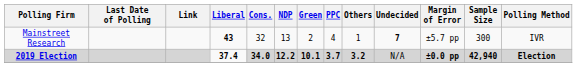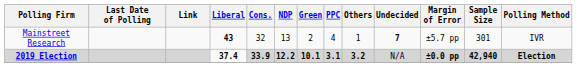 <table class="wikitable sortable" style="text-align:center;font-size:90%;line-height:14px;">
 <tr style="background:#e9e9e9;">
 <th style="width:120px">Polling Firm</th>
 <th style="width:110px">Last Date<br>of Polling</th>
 <th style="width:60px" class="unsortable">Link</th>
 <th style="background-color:"><a href='#'>Liberal</a></th>
 <th style="background-color:"><a href='#'>Cons.</a></th>
 <th style="background-color:"><a href='#'>NDP</a></th>
 <th style="background-color:"><a href='#'>Green</a></th>
 <th style="background-color:"><a href='#'><span>PPC</span></a></th>
 <th style="background-color:">Others</th>
 <th style="background-color:">Undecided</th>
 <th style="width:60px;" class=unsortable>Margin<br>of Error</th>
 <th style="width:50px;" class=unsortable>Sample<br>Size</th>
 <th class=unsortable>Polling Method</th>
 </tr>
 <tr>
 <td><a href='#'>Mainstreet Research</a></td>
 <td></td>
 <td></td>
 <td><strong>43</strong></td>
 <td>32</td>
 <td>13</td>
 <td>2</td>
 <td>4</td>
 <td>1</td>
 <td><strong>7</strong></td>
 <td>±5.7 pp</td>
-<td>300</td>
+<td>301</td>
 <td>IVR</td>
 </tr>
 <tr>
 <td style="background:#D5D5D5"><strong><a href='#'>2019 Election</a></strong></td>
 <td style="background:#D5D5D5"><strong></strong></td>
 <td style="background:#D5D5D5"></td>
 <td><strong>37.4</strong></td>
-<td style="background:#D5D5D5"><strong>34.0</strong></td>
+<td style="background:#D5D5D5"><strong>33.9</strong></td>
 <td style="background:#D5D5D5"><strong>12.2</strong></td>
 <td style="background:#D5D5D5"><strong>10.1</strong></td>
-<td style="background:#D5D5D5"><strong>3.7</strong></td>
+<td style="background:#D5D5D5"><strong>3.1</strong></td>
 <td style="background:#D5D5D5"><strong>3.2</strong></td>
 <td style="background:#D5D5D5">N/A</td>
 <td style="background:#D5D5D5"><strong>±0.0 pp</strong></td>
 <td style="background:#D5D5D5"><strong>42,940</strong></td>
 <td style="background:#D5D5D5"><strong>Election</strong></td>
 </tr>
 <tr>
 </tr>
 <tr>
 </tr>
 </table>
